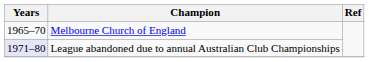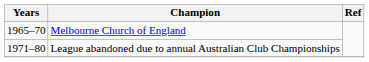 <table class="wikitable">
 <tr>
 <th>Years</th>
 <th>Champion</th>
 <th>Ref</th>
 </tr>
 <tr>
 <td align=center>1965–70</td>
 <td><a href='#'>Melbourne Church of England</a></td>
 <td align=center rowspan="2"></td>
 </tr>
 <tr>
-<td align=center style="background: lavender;">1971–80</td>
+<td align=center>1971–80</td>
 <td>League abandoned due to annual Australian Club Championships</td>
 </tr>
 <tr>
 </tr>
 </table>
